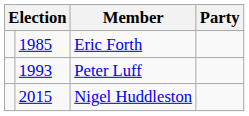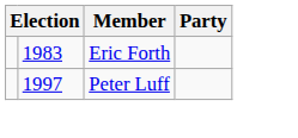 <table class="wikitable">
 <tr>
 <th colspan="2">Election</th>
 <th>Member</th>
 <th>Party</th>
 </tr>
 <tr>
 <td style="color:inherit;background-color: "></td>
-<td><a href='#'>1985</a></td>
+<td><a href='#'>1983</a></td>
 <td><a href='#'>Eric Forth</a></td>
 <td></td>
 </tr>
 <tr>
 <td style="color:inherit;background-color: "></td>
-<td><a href='#'>1993</a></td>
+<td><a href='#'>1997</a></td>
 <td><a href='#'>Peter Luff</a></td>
 <td></td>
 </tr>
-<tr>
-<td style="color:inherit;background-color: "></td>
-<td><a href='#'>2015</a></td>
-<td><a href='#'>Nigel Huddleston</a></td>
-<td></td>
-</tr>
 </table>
